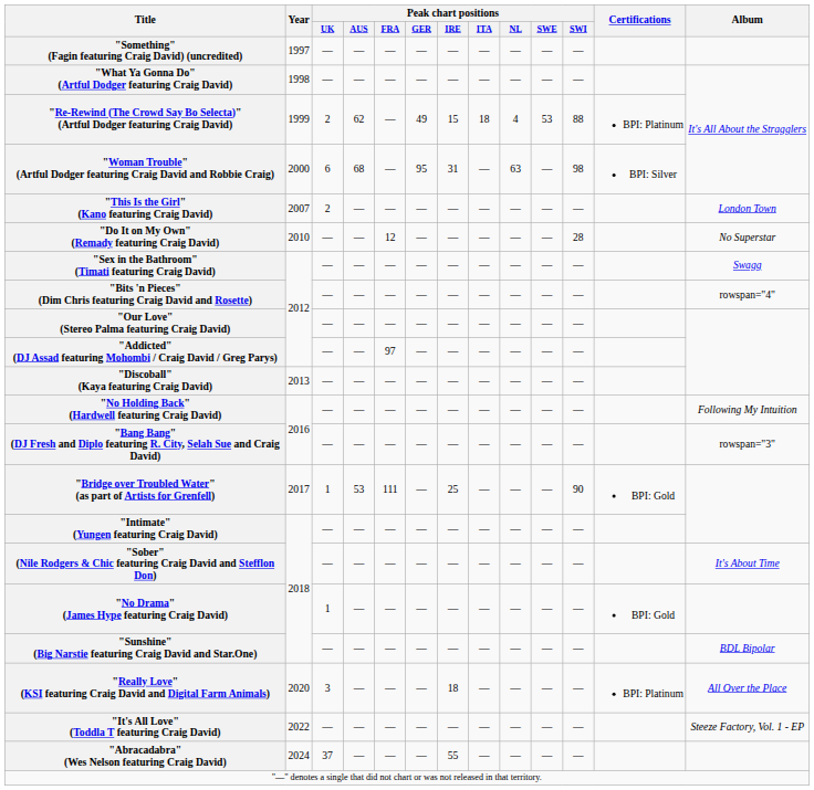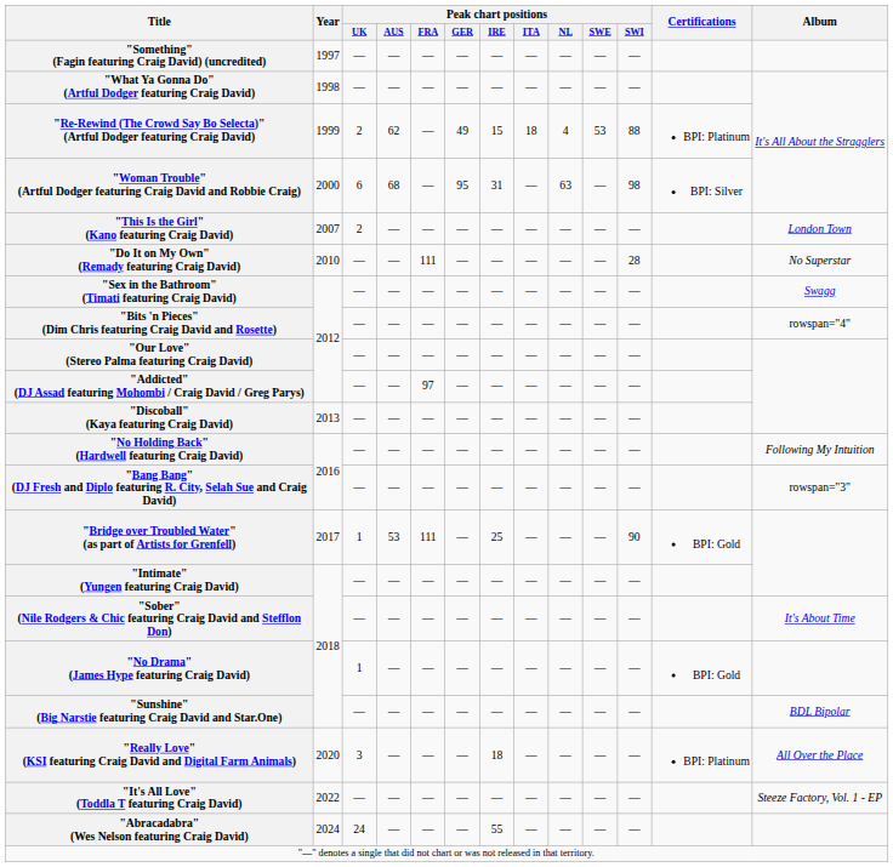 <table class="wikitable plainrowheaders" style="text-align:center;" border="1">
 <tr>
 <th scope="col" rowspan="2" style="width:26em;">Title</th>
 <th scope="col" rowspan="2" style="width:1em;">Year</th>
 <th scope="col" colspan="9">Peak chart positions</th>
 <th scope="col" rowspan="2"><a href='#'>Certifications</a></th>
 <th scope="col" rowspan="2">Album</th>
 </tr>
 <tr>
 <th scope="col" style="width:3em;font-size:85%;"><a href='#'>UK</a><br></th>
 <th scope="col" style="width:3em;font-size:85%;"><a href='#'>AUS</a><br></th>
 <th scope="col" style="width:3em;font-size:85%;"><a href='#'>FRA</a><br></th>
 <th scope="col" style="width:3em;font-size:85%;"><a href='#'>GER</a><br></th>
 <th scope="col" style="width:3em;font-size:85%;"><a href='#'>IRE</a><br></th>
 <th scope="col" style="width:3em;font-size:85%;"><a href='#'>ITA</a><br></th>
 <th scope="col" style="width:3em;font-size:85%;"><a href='#'>NL</a><br></th>
 <th scope="col" style="width:3em;font-size:85%;"><a href='#'>SWE</a><br></th>
 <th scope="col" style="width:3em;font-size:85%;"><a href='#'>SWI</a><br></th>
 </tr>
 <tr>
 <th scope="row">"Something"<br><span>(Fagin featuring Craig David) (uncredited)</span></th>
 <td>1997</td>
 <td>—</td>
 <td>—</td>
 <td>—</td>
 <td>—</td>
 <td>—</td>
 <td>—</td>
 <td>—</td>
 <td>—</td>
 <td>—</td>
 <td></td>
 <td></td>
 </tr>
 <tr>
 <th scope="row">"What Ya Gonna Do"<br><span>(<a href='#'>Artful Dodger</a> featuring Craig David)</span></th>
 <td>1998</td>
 <td>—</td>
 <td>—</td>
 <td>—</td>
 <td>—</td>
 <td>—</td>
 <td>—</td>
 <td>—</td>
 <td>—</td>
 <td>—</td>
 <td></td>
 <td rowspan="3"><em><a href='#'>It's All About the Stragglers</a></em></td>
 </tr>
 <tr>
 <th scope="row">"<a href='#'>Re-Rewind (The Crowd Say Bo Selecta)</a>"<br><span>(Artful Dodger featuring Craig David)</span></th>
 <td>1999</td>
 <td>2</td>
 <td>62</td>
 <td>—</td>
 <td>49</td>
 <td>15</td>
 <td>18</td>
 <td>4</td>
 <td>53</td>
 <td>88</td>
 <td><br><ul><li>BPI: Platinum</li></ul></td>
 </tr>
 <tr>
 <th scope="row">"<a href='#'>Woman Trouble</a>"<br><span>(Artful Dodger featuring Craig David and Robbie Craig)</span></th>
 <td>2000</td>
 <td>6</td>
 <td>68</td>
 <td>—</td>
 <td>95</td>
 <td>31</td>
 <td>—</td>
 <td>63</td>
 <td>—</td>
 <td>98</td>
 <td><br><ul><li>BPI: Silver</li></ul></td>
 </tr>
 <tr>
 <th scope="row">"<a href='#'>This Is the Girl</a>"<br><span>(<a href='#'>Kano</a> featuring Craig David)</span></th>
 <td>2007</td>
 <td>2</td>
 <td>—</td>
 <td>—</td>
 <td>—</td>
 <td>—</td>
 <td>—</td>
 <td>—</td>
 <td>—</td>
 <td>—</td>
 <td></td>
 <td><em><a href='#'>London Town</a></em></td>
 </tr>
 <tr>
 <th scope="row">"Do It on My Own"<br><span>(<a href='#'>Remady</a> featuring Craig David)</span></th>
 <td>2010</td>
 <td>—</td>
 <td>—</td>
-<td>12</td>
+<td>111</td>
 <td>—</td>
 <td>—</td>
 <td>—</td>
 <td>—</td>
 <td>—</td>
 <td>28</td>
 <td></td>
 <td><em>No Superstar</em></td>
 </tr>
 <tr>
 <th scope="row">"Sex in the Bathroom"<br><span>(<a href='#'>Timati</a> featuring Craig David)</span></th>
 <td rowspan="4">2012</td>
 <td>—</td>
 <td>—</td>
 <td>—</td>
 <td>—</td>
 <td>—</td>
 <td>—</td>
 <td>—</td>
 <td>—</td>
 <td>—</td>
 <td></td>
 <td><em><a href='#'>Swagg</a></em></td>
 </tr>
 <tr>
 <th scope="row">"Bits 'n Pieces"<br><span>(Dim Chris featuring Craig David and <a href='#'>Rosette</a>)</span></th>
 <td>—</td>
 <td>—</td>
 <td>—</td>
 <td>—</td>
 <td>—</td>
 <td>—</td>
 <td>—</td>
 <td>—</td>
 <td>—</td>
 <td></td>
 <td>rowspan="4" </td>
 </tr>
 <tr>
 <th scope="row">"Our Love"<br><span>(Stereo Palma featuring Craig David)</span></th>
 <td>—</td>
 <td>—</td>
 <td>—</td>
 <td>—</td>
 <td>—</td>
 <td>—</td>
 <td>—</td>
 <td>—</td>
 <td>—</td>
 <td></td>
 </tr>
 <tr>
 <th scope="row">"Addicted"<br><span>(<a href='#'>DJ Assad</a> featuring <a href='#'>Mohombi</a> / Craig David / Greg Parys)</span></th>
 <td>—</td>
 <td>—</td>
 <td>97</td>
 <td>—</td>
 <td>—</td>
 <td>—</td>
 <td>—</td>
 <td>—</td>
 <td>—</td>
 <td></td>
 </tr>
 <tr>
 <th scope="row">"Discoball"<br><span>(Kaya featuring Craig David)</span></th>
 <td>2013</td>
 <td>—</td>
 <td>—</td>
 <td>—</td>
 <td>—</td>
 <td>—</td>
 <td>—</td>
 <td>—</td>
 <td>—</td>
 <td>—</td>
 <td></td>
 </tr>
 <tr>
 <th scope="row">"<a href='#'>No Holding Back</a>" <br><span>(<a href='#'>Hardwell</a> featuring Craig David)</span></th>
 <td rowspan="2">2016</td>
 <td>—</td>
 <td>—</td>
 <td>—</td>
 <td>—</td>
 <td>—</td>
 <td>—</td>
 <td>—</td>
 <td>—</td>
 <td>—</td>
 <td></td>
 <td><em>Following My Intuition</em></td>
 </tr>
 <tr>
 <th scope="row">"<a href='#'>Bang Bang</a>"<br><span>(<a href='#'>DJ Fresh</a> and <a href='#'>Diplo</a> featuring <a href='#'>R. City</a>, <a href='#'>Selah Sue</a> and Craig David)</span></th>
 <td>—</td>
 <td>—</td>
 <td>—</td>
 <td>—</td>
 <td>—</td>
 <td>—</td>
 <td>—</td>
 <td>—</td>
 <td>—</td>
 <td></td>
 <td>rowspan="3" </td>
 </tr>
 <tr>
 <th scope="row">"<a href='#'>Bridge over Troubled Water</a>"<br><span>(as part of <a href='#'>Artists for Grenfell</a>)</span></th>
 <td>2017</td>
 <td>1</td>
 <td>53</td>
 <td>111</td>
 <td>—</td>
 <td>25<br></td>
 <td>—</td>
 <td>—</td>
 <td>—</td>
 <td>90</td>
 <td><br><ul><li>BPI: Gold</li></ul></td>
 </tr>
 <tr>
 <th scope="row">"Intimate"<br><span>(<a href='#'>Yungen</a> featuring Craig David)</span></th>
 <td rowspan="4">2018</td>
 <td>—</td>
 <td>—</td>
 <td>—</td>
 <td>—</td>
 <td>—</td>
 <td>—</td>
 <td>—</td>
 <td>—</td>
 <td>—</td>
 <td></td>
 </tr>
 <tr>
 <th scope="row">"Sober"<br><span>(<a href='#'>Nile Rodgers & Chic</a> featuring Craig David and <a href='#'>Stefflon Don</a>)</span></th>
 <td>—</td>
 <td>—</td>
 <td>—</td>
 <td>—</td>
 <td>—</td>
 <td>—</td>
 <td>—</td>
 <td>—</td>
 <td>—</td>
 <td></td>
 <td><em><a href='#'>It's About Time</a></em></td>
 </tr>
 <tr>
 <th scope="row">"<a href='#'>No Drama</a>"<br><span>(<a href='#'>James Hype</a> featuring Craig David)</span></th>
 <td>1</td>
 <td>—</td>
 <td>—</td>
 <td>—</td>
 <td>—</td>
 <td>—</td>
 <td>—</td>
 <td>—</td>
 <td>—</td>
 <td><br><ul><li>BPI: Gold</li></ul></td>
 <td></td>
 </tr>
 <tr>
 <th scope="row">"Sunshine"<br><span>(<a href='#'>Big Narstie</a> featuring Craig David and Star.One)</span></th>
 <td>—</td>
 <td>—</td>
 <td>—</td>
 <td>—</td>
 <td>—</td>
 <td>—</td>
 <td>—</td>
 <td>—</td>
 <td>—</td>
 <td></td>
 <td><em><a href='#'>BDL Bipolar</a></em></td>
 </tr>
 <tr>
 <th scope="row">"<a href='#'>Really Love</a>"<br><span>(<a href='#'>KSI</a> featuring Craig David and <a href='#'>Digital Farm Animals</a>)</span></th>
 <td>2020</td>
 <td>3</td>
 <td>—</td>
 <td>—</td>
 <td>—</td>
 <td>18</td>
 <td>—</td>
 <td>—</td>
 <td>—</td>
 <td>—</td>
 <td><br><ul><li>BPI: Platinum</li></ul></td>
 <td><em><a href='#'>All Over the Place</a></em></td>
 </tr>
 <tr>
 <th scope="row">"It's All Love"<br><span>(<a href='#'>Toddla T</a> featuring Craig David)</span></th>
 <td>2022</td>
 <td>—</td>
 <td>—</td>
 <td>—</td>
 <td>—</td>
 <td>—</td>
 <td>—</td>
 <td>—</td>
 <td>—</td>
 <td>—</td>
 <td></td>
 <td><em>Steeze Factory, Vol. 1 - EP</em></td>
 </tr>
 <tr>
 <th scope="row">"Abracadabra"<br><span>(Wes Nelson featuring Craig David)</span></th>
 <td>2024</td>
-<td>37</td>
+<td>24</td>
 <td>—</td>
 <td>—</td>
 <td>—</td>
 <td>55<br></td>
 <td>—</td>
 <td>—</td>
 <td>—</td>
 <td>—</td>
 <td></td>
 <td></td>
 </tr>
 <tr>
 <td colspan="20" style="font-size:85%">"—" denotes a single that did not chart or was not released in that territory.</td>
 </tr>
 </table>
